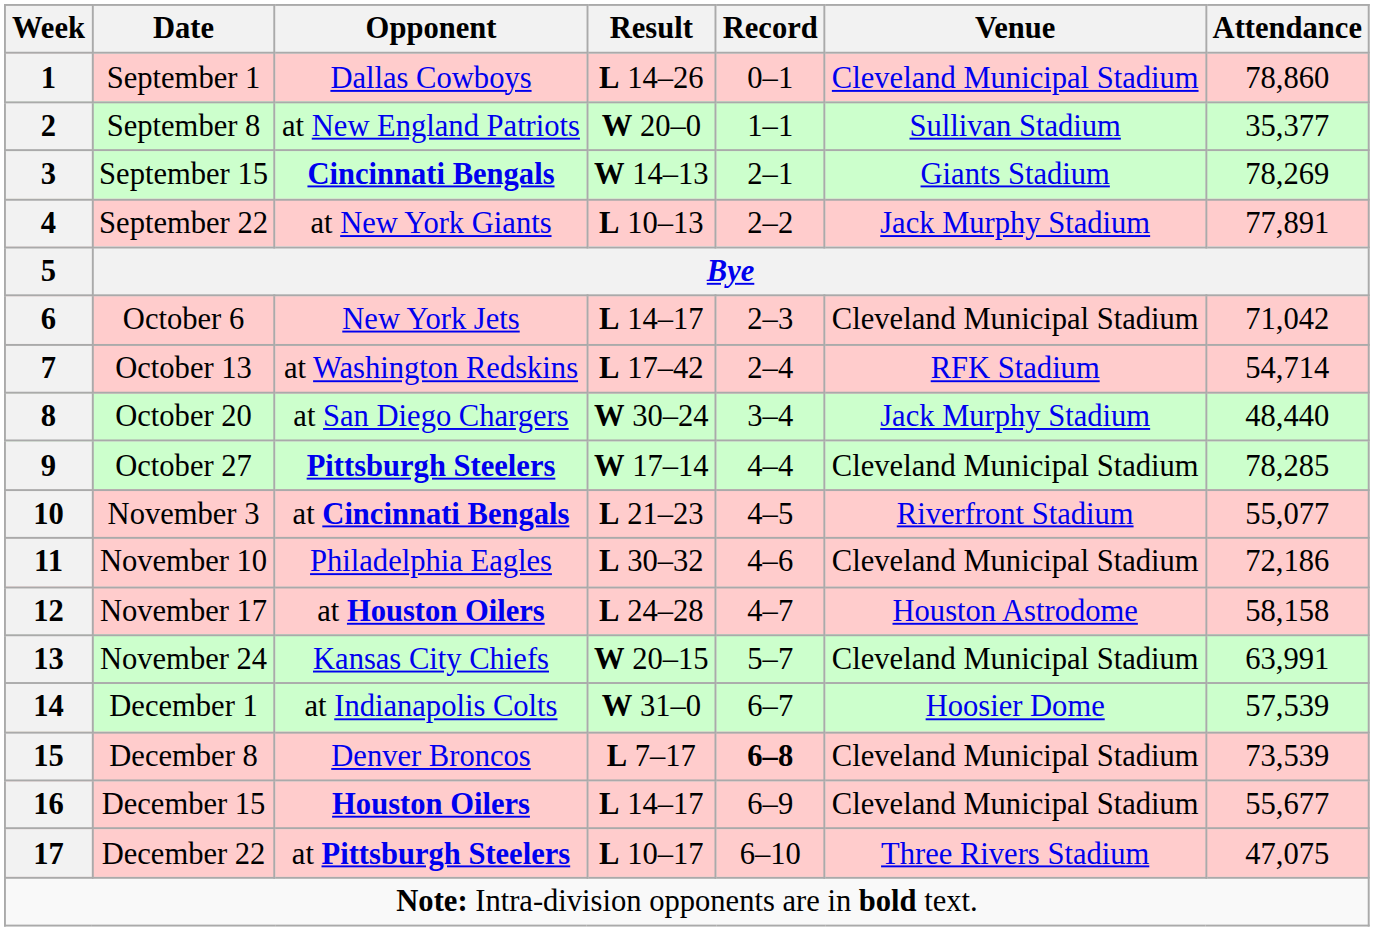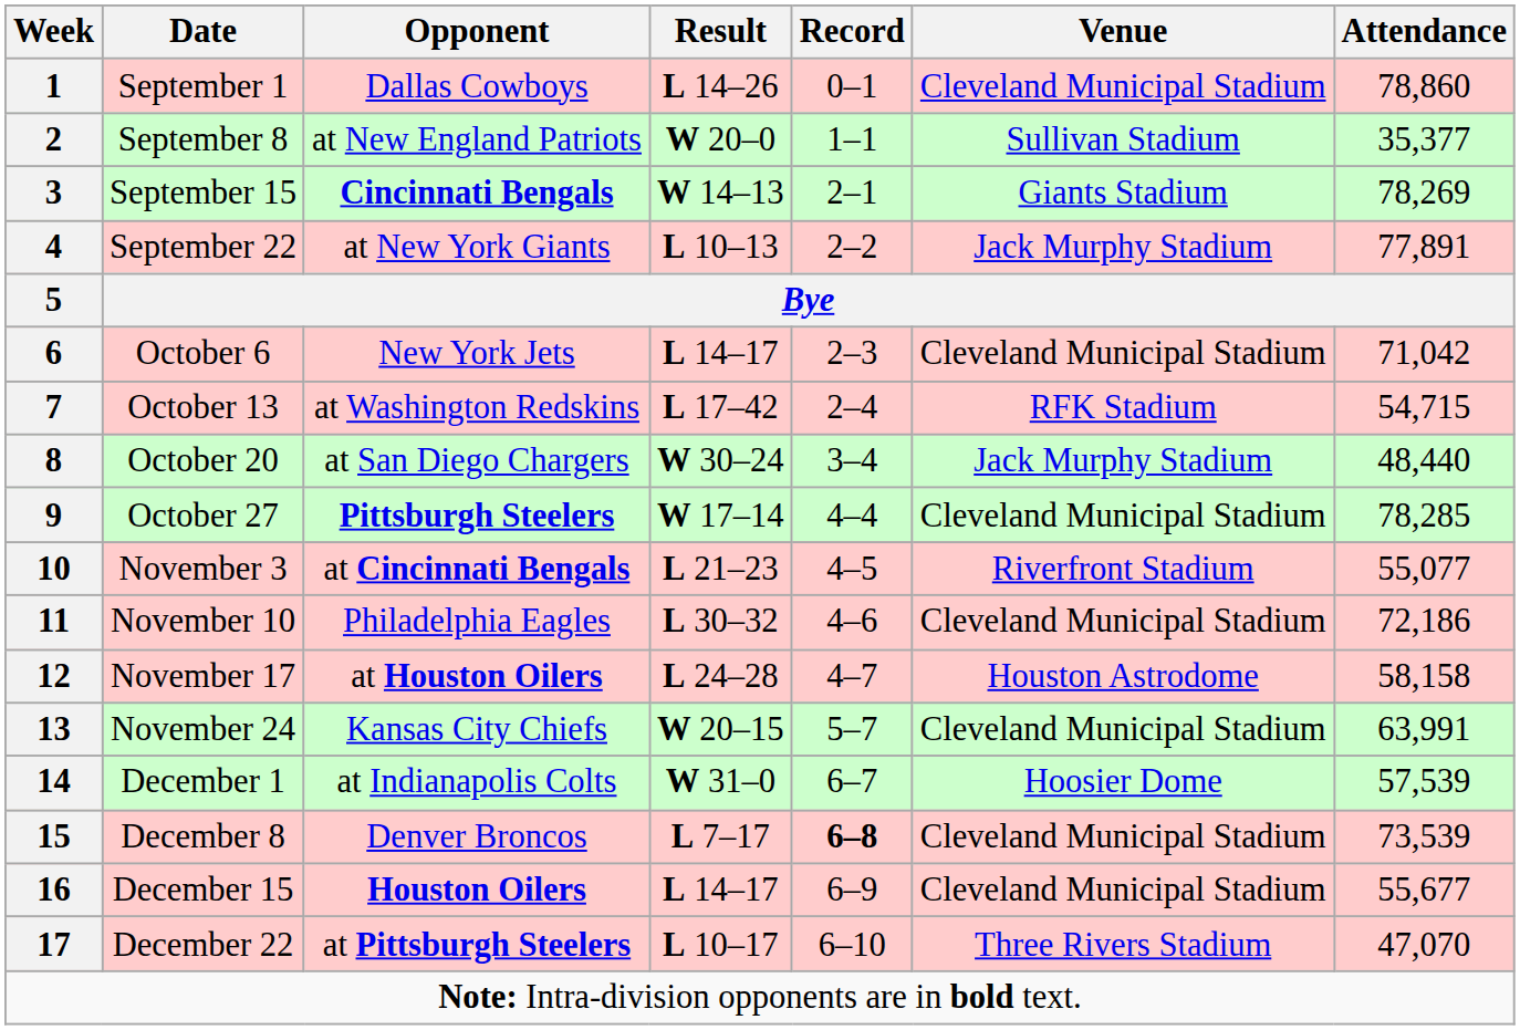 <table class="wikitable" style="text-align:center">
 <tr>
 <th>Week</th>
 <th>Date</th>
 <th>Opponent</th>
 <th>Result</th>
 <th>Record</th>
 <th>Venue</th>
 <th>Attendance</th>
 </tr>
 <tr style="background:#fcc">
 <th>1</th>
 <td>September 1</td>
 <td><a href='#'>Dallas Cowboys</a></td>
 <td><strong>L</strong> 14–26</td>
 <td>0–1</td>
 <td><a href='#'>Cleveland Municipal Stadium</a></td>
 <td>78,860</td>
 </tr>
 <tr style="background:#cfc">
 <th>2</th>
 <td>September 8</td>
 <td>at <a href='#'>New England Patriots</a></td>
 <td><strong>W</strong> 20–0</td>
 <td>1–1</td>
 <td><a href='#'>Sullivan Stadium</a></td>
 <td>35,377</td>
 </tr>
 <tr style="background:#cfc">
 <th>3</th>
 <td>September 15</td>
 <td><strong><a href='#'>Cincinnati Bengals</a></strong></td>
 <td><strong>W</strong> 14–13</td>
 <td>2–1</td>
 <td><a href='#'>Giants Stadium</a></td>
 <td>78,269</td>
 </tr>
 <tr style="background:#fcc">
 <th>4</th>
 <td>September 22</td>
 <td>at <a href='#'>New York Giants</a></td>
 <td><strong>L</strong> 10–13</td>
 <td>2–2</td>
 <td><a href='#'>Jack Murphy Stadium</a></td>
 <td>77,891</td>
 </tr>
 <tr align="center">
 <th>5</th>
 <th colspan="7"><em><a href='#'>Bye</a></em></th>
 </tr>
 <tr style="background:#fcc">
 <th>6</th>
 <td>October 6</td>
 <td><a href='#'>New York Jets</a></td>
 <td><strong>L</strong> 14–17</td>
 <td>2–3</td>
 <td>Cleveland Municipal Stadium</td>
 <td>71,042</td>
 </tr>
 <tr style="background:#fcc">
 <th>7</th>
 <td>October 13</td>
 <td>at <a href='#'>Washington Redskins</a></td>
 <td><strong>L</strong> 17–42</td>
 <td>2–4</td>
 <td><a href='#'>RFK Stadium</a></td>
-<td>54,714</td>
+<td>54,715</td>
 </tr>
 <tr style="background:#cfc">
 <th>8</th>
 <td>October 20</td>
 <td>at <a href='#'>San Diego Chargers</a></td>
 <td><strong>W</strong> 30–24</td>
 <td>3–4</td>
 <td><a href='#'>Jack Murphy Stadium</a></td>
 <td>48,440</td>
 </tr>
 <tr style="background:#cfc">
 <th>9</th>
 <td>October 27</td>
 <td><strong><a href='#'>Pittsburgh Steelers</a></strong></td>
 <td><strong>W</strong> 17–14</td>
 <td>4–4</td>
 <td>Cleveland Municipal Stadium</td>
 <td>78,285</td>
 </tr>
 <tr style="background:#fcc">
 <th>10</th>
 <td>November 3</td>
 <td>at <strong><a href='#'>Cincinnati Bengals</a></strong></td>
 <td><strong>L</strong> 21–23</td>
 <td>4–5</td>
 <td><a href='#'>Riverfront Stadium</a></td>
 <td>55,077</td>
 </tr>
 <tr style="background:#fcc">
 <th>11</th>
 <td>November 10</td>
 <td><a href='#'>Philadelphia Eagles</a></td>
 <td><strong>L</strong> 30–32</td>
 <td>4–6</td>
 <td>Cleveland Municipal Stadium</td>
 <td>72,186</td>
 </tr>
 <tr style="background:#fcc">
 <th>12</th>
 <td>November 17</td>
 <td>at <strong><a href='#'>Houston Oilers</a></strong></td>
 <td><strong>L</strong> 24–28</td>
 <td>4–7</td>
 <td><a href='#'>Houston Astrodome</a></td>
 <td>58,158</td>
 </tr>
 <tr style="background:#cfc">
 <th>13</th>
 <td>November 24</td>
 <td><a href='#'>Kansas City Chiefs</a></td>
 <td><strong>W</strong> 20–15</td>
 <td>5–7</td>
 <td>Cleveland Municipal Stadium</td>
 <td>63,991</td>
 </tr>
 <tr style="background:#cfc">
 <th>14</th>
 <td>December 1</td>
 <td>at <a href='#'>Indianapolis Colts</a></td>
 <td><strong>W</strong> 31–0</td>
 <td>6–7</td>
 <td><a href='#'>Hoosier Dome</a></td>
 <td>57,539</td>
 </tr>
 <tr style="background:#fcc">
 <th>15</th>
 <td>December 8</td>
 <td><a href='#'>Denver Broncos</a></td>
 <td><strong>L</strong> 7–17</td>
 <td><strong>6–8</strong></td>
 <td>Cleveland Municipal Stadium</td>
 <td>73,539</td>
 </tr>
 <tr style="background:#fcc">
 <th>16</th>
 <td>December 15</td>
 <td><strong><a href='#'>Houston Oilers</a></strong></td>
 <td><strong>L</strong> 14–17</td>
 <td>6–9</td>
 <td>Cleveland Municipal Stadium</td>
 <td>55,677</td>
 </tr>
 <tr style="background:#fcc">
 <th>17</th>
 <td>December 22</td>
 <td>at <strong><a href='#'>Pittsburgh Steelers</a></strong></td>
 <td><strong>L</strong> 10–17</td>
 <td>6–10</td>
 <td><a href='#'>Three Rivers Stadium</a></td>
-<td>47,075</td>
+<td>47,070</td>
 </tr>
 <tr>
 <td colspan="8"><strong>Note:</strong> Intra-division opponents are in <strong>bold</strong> text.</td>
 </tr>
 </table>
